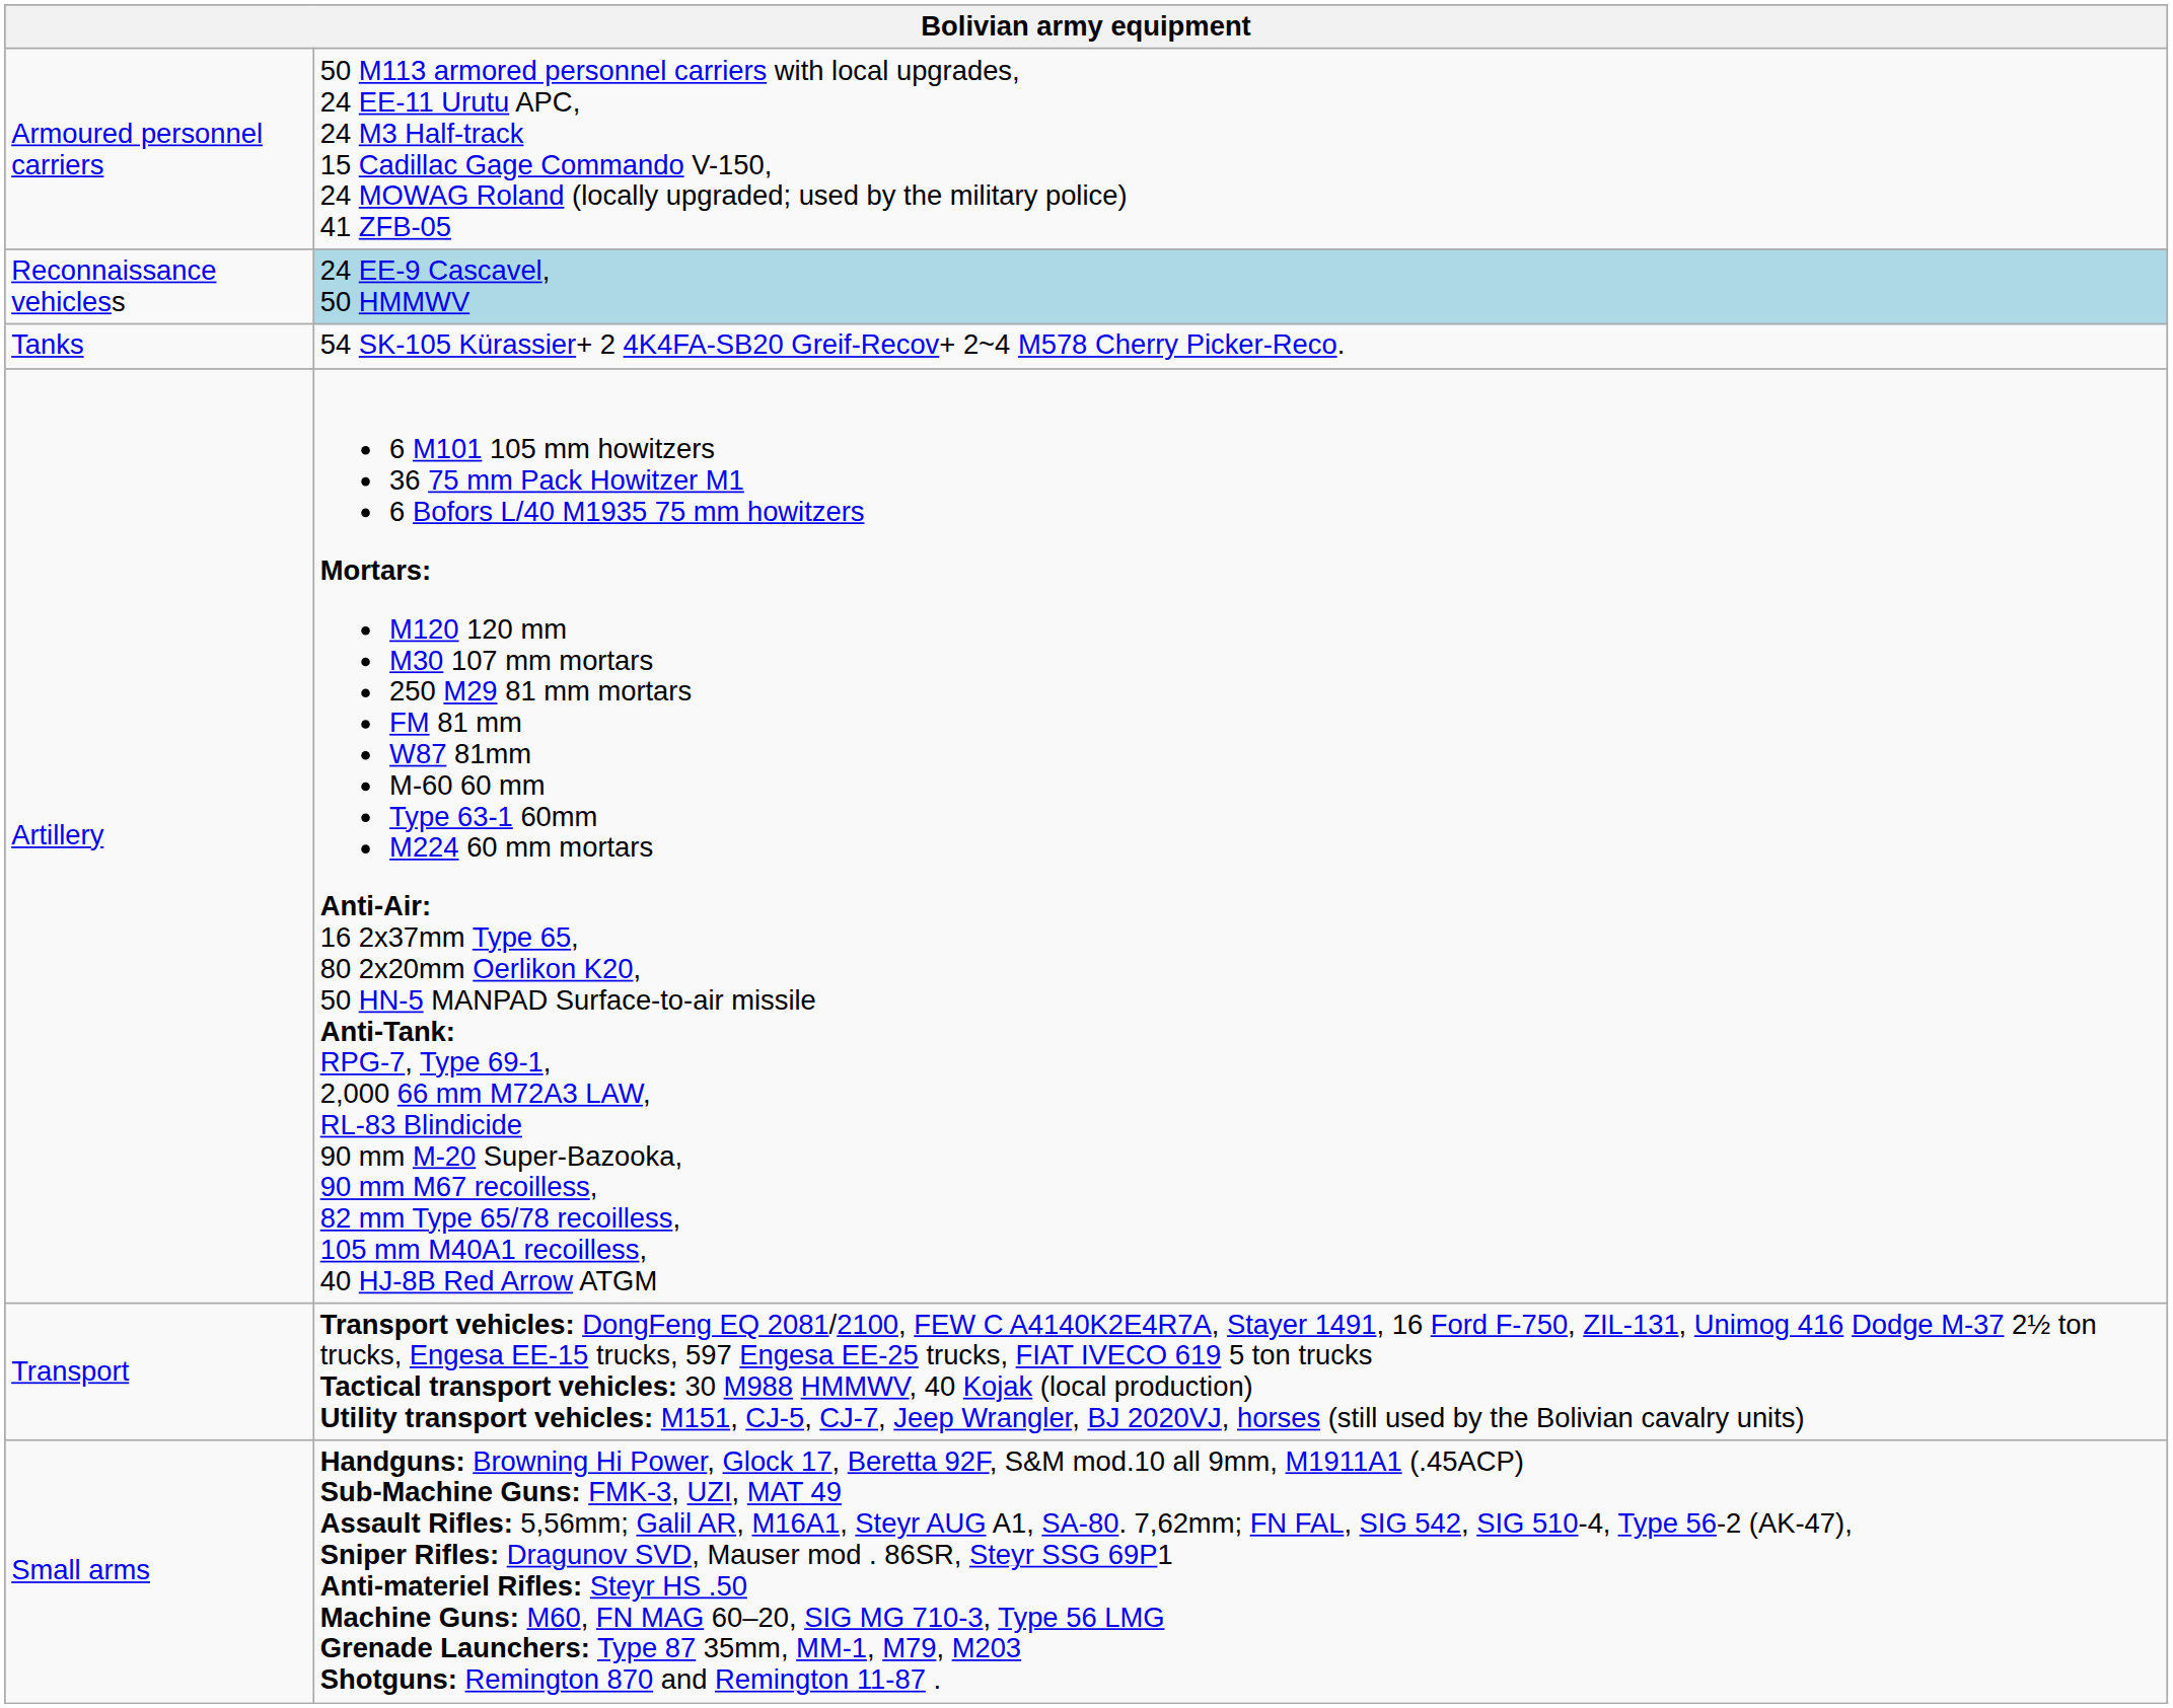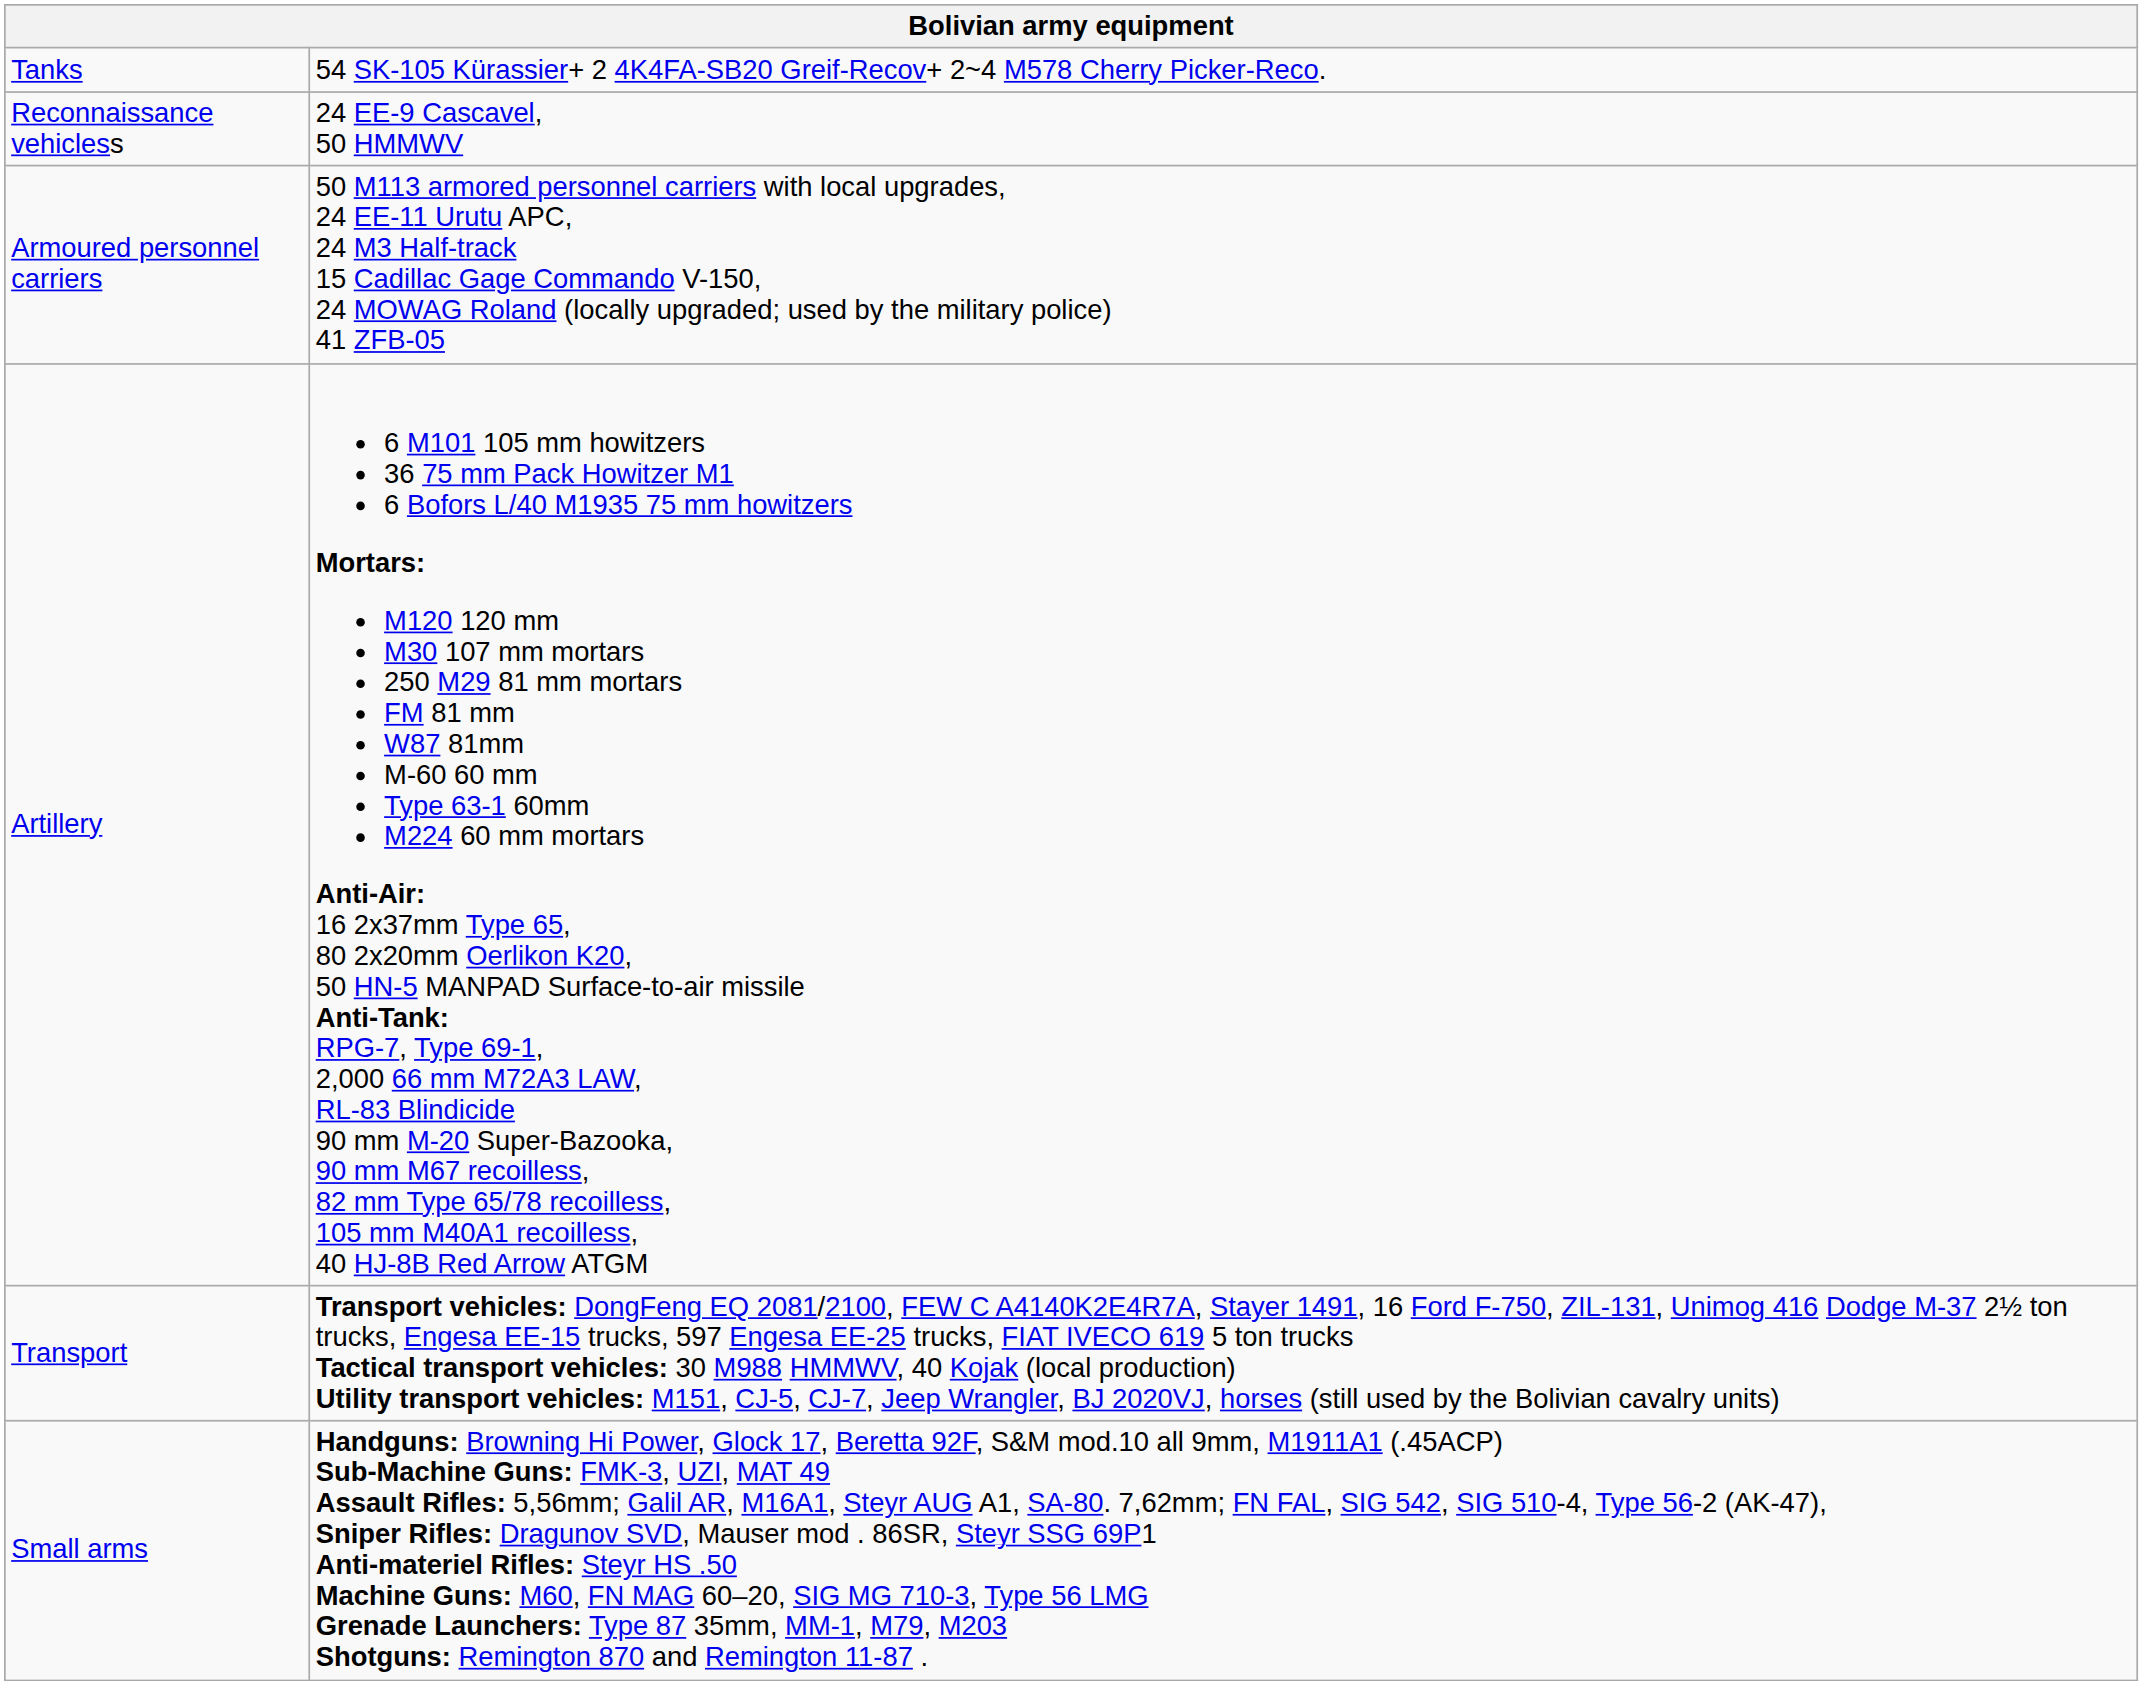 <table class="wikitable">
 <tr>
 <th colspan="2">Bolivian army equipment</th>
 </tr>
 <tr>
-<td><a href='#'>Armoured personnel carriers</a></td>
-<td>50 <a href='#'>M113 armored personnel carriers</a> with local upgrades,<br>24 <a href='#'>EE-11 Urutu</a>  APC,<br>24 <a href='#'>M3 Half-track</a><br>15 <a href='#'>Cadillac Gage Commando</a> V-150,<br>24 <a href='#'>MOWAG Roland</a> (locally upgraded; used by the military police)<br>41 <a href='#'>ZFB-05</a></td>
+<td><a href='#'>Tanks</a></td>
+<td>54 <a href='#'>SK-105 Kürassier</a>+ 2 <a href='#'>4K4FA-SB20 Greif-Recov</a>+ 2~4 <a href='#'>M578 Cherry Picker-Reco</a>.</td>
 </tr>
 <tr>
 <td><a href='#'>Reconnaissance vehicles</a>s</td>
-<td style="background: lightblue;">24 <a href='#'>EE-9 Cascavel</a>,<br>50 <a href='#'>HMMWV</a></td>
+<td>24 <a href='#'>EE-9 Cascavel</a>,<br>50 <a href='#'>HMMWV</a></td>
 </tr>
 <tr>
-<td><a href='#'>Tanks</a></td>
-<td>54 <a href='#'>SK-105 Kürassier</a>+ 2 <a href='#'>4K4FA-SB20 Greif-Recov</a>+ 2~4 <a href='#'>M578 Cherry Picker-Reco</a>.</td>
+<td><a href='#'>Armoured personnel carriers</a></td>
+<td>50 <a href='#'>M113 armored personnel carriers</a> with local upgrades,<br>24 <a href='#'>EE-11 Urutu</a>  APC,<br>24 <a href='#'>M3 Half-track</a><br>15 <a href='#'>Cadillac Gage Commando</a> V-150,<br>24 <a href='#'>MOWAG Roland</a> (locally upgraded; used by the military police)<br>41 <a href='#'>ZFB-05</a></td>
 </tr>
 <tr>
 <td><a href='#'>Artillery</a></td>
 <td><br><ul><li>6 <a href='#'>M101</a> 105 mm howitzers</li><li>36 <a href='#'>75 mm Pack Howitzer M1</a></li><li>6 <a href='#'>Bofors L/40 M1935 75 mm howitzers</a></li></ul><strong>Mortars:</strong><ul><li><a href='#'>M120</a> 120 mm</li><li><a href='#'>M30</a> 107 mm mortars</li><li>250 <a href='#'>M29</a> 81 mm mortars</li><li><a href='#'>FM</a> 81 mm</li><li><a href='#'>W87</a> 81mm</li><li>M-60 60 mm</li><li><a href='#'>Type 63-1</a> 60mm</li><li><a href='#'>M224</a>  60 mm mortars</li></ul><strong>Anti-Air:</strong><br>16 2x37mm <a href='#'>Type 65</a>,<br>80 2x20mm <a href='#'>Oerlikon K20</a>,<br>50 <a href='#'>HN-5</a> MANPAD Surface-to-air missile<br><strong>Anti-Tank:</strong><br><a href='#'>RPG-7</a>, <a href='#'>Type 69-1</a>,<br>2,000 <a href='#'>66 mm M72A3 LAW</a>,<br><a href='#'>RL-83 Blindicide</a><br>90 mm <a href='#'>M-20</a> Super-Bazooka,<br><a href='#'>90 mm M67 recoilless</a>,<br><a href='#'>82 mm Type 65/78 recoilless</a>,<br><a href='#'>105 mm M40A1 recoilless</a>,<br>40 <a href='#'>HJ-8B Red Arrow</a> ATGM</td>
 </tr>
 <tr>
 <td><a href='#'>Transport</a></td>
 <td><strong>Transport vehicles:</strong> <a href='#'>DongFeng EQ 2081</a>/<a href='#'>2100</a>, <a href='#'>FEW C A4140K2E4R7A</a>, <a href='#'>Stayer 1491</a>, 16 <a href='#'>Ford F-750</a>, <a href='#'>ZIL-131</a>, <a href='#'>Unimog 416</a> <a href='#'>Dodge M-37</a>  2½ ton trucks, <a href='#'>Engesa EE-15</a> trucks, 597 <a href='#'>Engesa EE-25</a> trucks, <a href='#'>FIAT IVECO 619</a> 5 ton trucks<br><strong>Tactical transport vehicles:</strong> 30 <a href='#'>M988</a> <a href='#'>HMMWV</a>, 40 <a href='#'>Kojak</a> (local production)<br><strong>Utility transport vehicles: </strong> <a href='#'>M151</a>, <a href='#'>CJ-5</a>, <a href='#'>CJ-7</a>, <a href='#'>Jeep Wrangler</a>, <a href='#'>BJ 2020VJ</a>, <a href='#'>horses</a> (still used by the Bolivian cavalry units) </td>
 </tr>
 <tr>
 <td><a href='#'>Small arms</a></td>
 <td><strong>Handguns:</strong> <a href='#'>Browning Hi Power</a>, <a href='#'>Glock 17</a>, <a href='#'>Beretta 92F</a>, S&M mod.10 all 9mm, <a href='#'>M1911A1</a> (.45ACP)<br><strong>Sub-Machine Guns:</strong> <a href='#'>FMK-3</a>, <a href='#'>UZI</a>, <a href='#'>MAT 49</a><br><strong>Assault Rifles:</strong> 5,56mm; <a href='#'>Galil AR</a>, <a href='#'>M16A1</a>, <a href='#'>Steyr AUG</a> A1, <a href='#'>SA-80</a>. 7,62mm; <a href='#'>FN FAL</a>,  <a href='#'>SIG 542</a>, <a href='#'>SIG 510</a>-4, <a href='#'>Type 56</a>-2 (AK-47),<br><strong>Sniper Rifles:</strong> <a href='#'>Dragunov SVD</a>, Mauser mod . 86SR, <a href='#'>Steyr SSG 69P</a>1<br><strong>Anti-materiel Rifles:</strong> <a href='#'>Steyr HS .50</a><br><strong>Machine Guns:</strong> <a href='#'>M60</a>, <a href='#'>FN MAG</a> 60–20, <a href='#'>SIG MG 710-3</a>, <a href='#'>Type 56 LMG</a><br><strong>Grenade Launchers:</strong> <a href='#'>Type 87</a> 35mm, <a href='#'>MM-1</a>, <a href='#'>M79</a>, <a href='#'>M203</a><br><strong>Shotguns:</strong> <a href='#'>Remington 870</a> and <a href='#'>Remington 11-87</a> .</td>
 </tr>
 <tr>
 </tr>
 </table>
